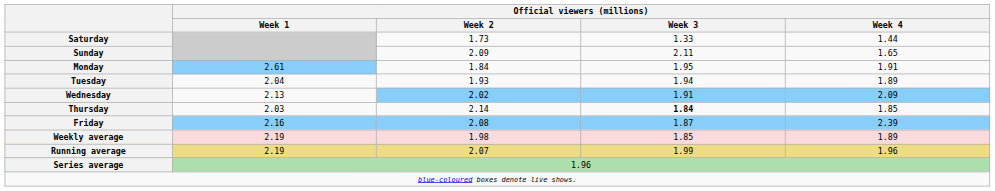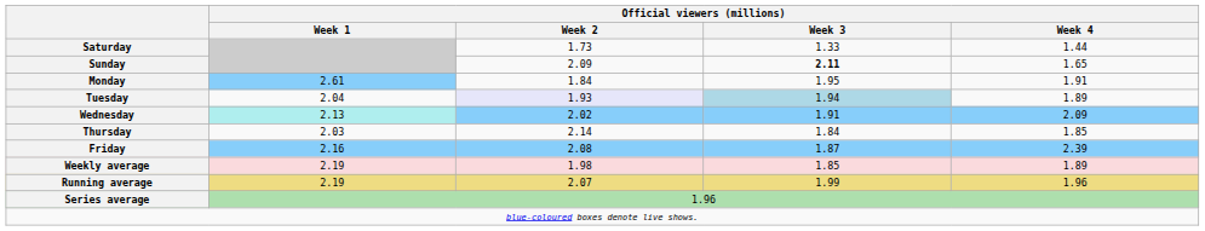 <table class="wikitable" style="font-size:90%; text-align:center; width: 70%; margin-left: auto; margin-right: auto;">
 <tr>
 <th scope="col" rowspan="2" style="width:17%;"></th>
 <th scope=col colspan=4>Official viewers (millions)</th>
 </tr>
 <tr>
 <th>Week 1</th>
 <th>Week 2</th>
 <th>Week 3</th>
 <th>Week 4</th>
 </tr>
 <tr>
 <th>Saturday</th>
 <td style="background:#ccc;" rowspan="2"></td>
 <td>1.73</td>
 <td>1.33</td>
 <td>1.44</td>
 </tr>
 <tr>
 <th>Sunday</th>
 <td>2.09</td>
-<td>2.11</td>
+<td><strong>2.11</strong></td>
 <td>1.65</td>
 </tr>
 <tr>
 <th>Monday</th>
 <td style="background:#87CEFA;">2.61</td>
 <td>1.84</td>
 <td>1.95</td>
 <td>1.91</td>
 </tr>
 <tr>
 <th>Tuesday</th>
 <td>2.04</td>
-<td>1.93</td>
-<td>1.94</td>
+<td style="background: lavender;">1.93</td>
+<td style="background: lightblue;">1.94</td>
 <td>1.89</td>
 </tr>
 <tr>
 <th>Wednesday</th>
-<td>2.13</td>
+<td style="background: paleturquoise;">2.13</td>
 <td style="background:#87CEFA;">2.02</td>
 <td style="background:#87CEFA;">1.91</td>
 <td style="background:#87CEFA;">2.09</td>
 </tr>
 <tr>
 <th>Thursday</th>
 <td>2.03</td>
 <td>2.14</td>
-<td><strong>1.84</strong></td>
+<td>1.84</td>
 <td>1.85</td>
 </tr>
 <tr>
 <th>Friday</th>
 <td style="background:#87CEFA;">2.16</td>
 <td style="background:#87CEFA;">2.08</td>
 <td style="background:#87CEFA;">1.87</td>
 <td style="background:#87CEFA;">2.39</td>
 </tr>
 <tr style="background:#FADADD;" |>
 <th>Weekly average</th>
 <td>2.19</td>
 <td>1.98</td>
 <td>1.85</td>
 <td>1.89</td>
 </tr>
 <tr style="background:#EEDC82;" |>
 <th>Running average</th>
 <td>2.19</td>
 <td>2.07</td>
 <td>1.99</td>
 <td>1.96</td>
 </tr>
 <tr style="background:#ADDFAD;" |>
 <th>Series average</th>
 <td colspan="4">1.96</td>
 </tr>
 <tr>
 <td colspan=5><small><em><a href='#'>blue-coloured</a> boxes denote live shows.</em></small></td>
 </tr>
 </table>
